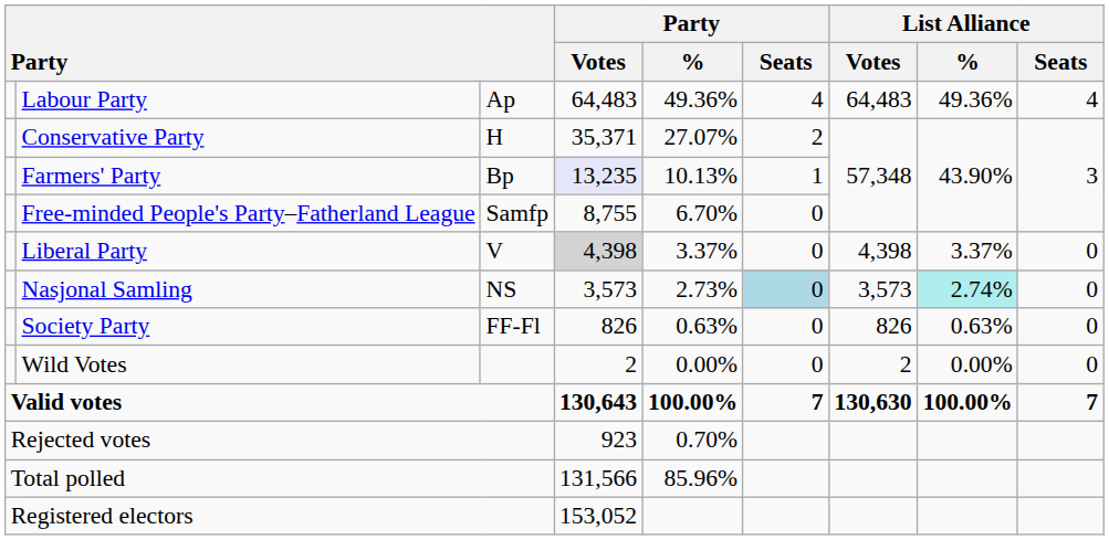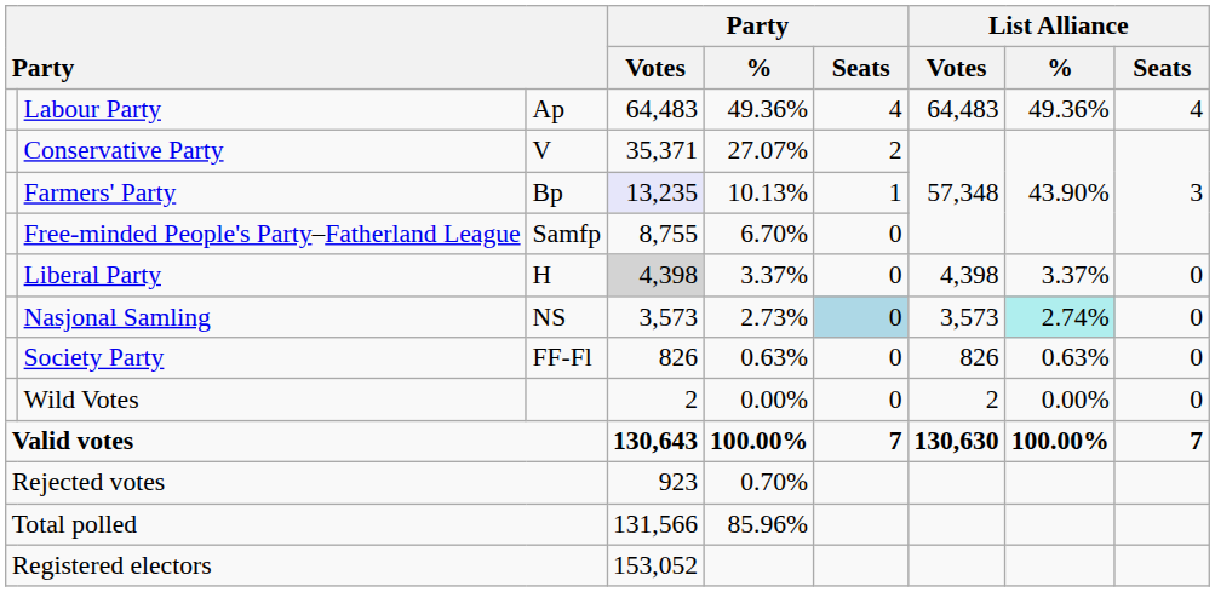 <table class="wikitable" border="1" style="text-align:right;">
 <tr>
 <th style="text-align:left;" valign=bottom rowspan=2 colspan=3>Party</th>
 <th colspan=3>Party</th>
 <th colspan=3>List Alliance</th>
 </tr>
 <tr>
 <th align=center valign=bottom width="50">Votes</th>
 <th align=center valign=bottom width="50">%</th>
 <th align=center valign=bottom width="50">Seats</th>
 <th align=center valign=bottom width="50">Votes</th>
 <th align=center valign=bottom width="50">%</th>
 <th align=center valign=bottom width="50">Seats</th>
 </tr>
 <tr>
 <td style="color:inherit;background:"></td>
 <td align=left><a href='#'>Labour Party</a></td>
 <td align=left>Ap</td>
 <td>64,483</td>
 <td>49.36%</td>
 <td>4</td>
 <td>64,483</td>
 <td>49.36%</td>
 <td>4</td>
 </tr>
 <tr>
 <td style="color:inherit;background:"></td>
 <td align=left><a href='#'>Conservative Party</a></td>
-<td align=left>H</td>
+<td align=left>V</td>
 <td>35,371</td>
 <td>27.07%</td>
 <td>2</td>
 <td rowspan=3>57,348</td>
 <td rowspan=3>43.90%</td>
 <td rowspan=3>3</td>
 </tr>
 <tr>
 <td style="color:inherit;background:"></td>
 <td align=left><a href='#'>Farmers' Party</a></td>
 <td align=left>Bp</td>
 <td style="background: lavender;">13,235</td>
 <td>10.13%</td>
 <td>1</td>
 </tr>
 <tr>
 <td></td>
 <td align=left><a href='#'>Free-minded People's Party</a>–<a href='#'>Fatherland League</a></td>
 <td align=left>Samfp</td>
 <td>8,755</td>
 <td>6.70%</td>
 <td>0</td>
 </tr>
 <tr>
 <td style="color:inherit;background:"></td>
 <td align=left><a href='#'>Liberal Party</a></td>
-<td align=left>V</td>
+<td align=left>H</td>
 <td style="background: lightgrey;">4,398</td>
 <td>3.37%</td>
 <td>0</td>
 <td>4,398</td>
 <td>3.37%</td>
 <td>0</td>
 </tr>
 <tr>
 <td style="color:inherit;background:"></td>
 <td align=left><a href='#'>Nasjonal Samling</a></td>
 <td align=left>NS</td>
 <td>3,573</td>
 <td>2.73%</td>
 <td style="background: lightblue;">0</td>
 <td>3,573</td>
 <td style="background: paleturquoise;">2.74%</td>
 <td>0</td>
 </tr>
 <tr>
 <td></td>
 <td align=left><a href='#'>Society Party</a></td>
 <td align=left>FF-Fl</td>
 <td>826</td>
 <td>0.63%</td>
 <td>0</td>
 <td>826</td>
 <td>0.63%</td>
 <td>0</td>
 </tr>
 <tr>
 <td></td>
 <td align=left>Wild Votes</td>
 <td align=left></td>
 <td>2</td>
 <td>0.00%</td>
 <td>0</td>
 <td>2</td>
 <td>0.00%</td>
 <td>0</td>
 </tr>
 <tr style="font-weight:bold">
 <td align=left colspan=3>Valid votes</td>
 <td>130,643</td>
 <td>100.00%</td>
 <td>7</td>
 <td>130,630</td>
 <td>100.00%</td>
 <td>7</td>
 </tr>
 <tr>
 <td align=left colspan=3>Rejected votes</td>
 <td>923</td>
 <td>0.70%</td>
 <td></td>
 <td></td>
 <td></td>
 <td></td>
 </tr>
 <tr>
 <td align=left colspan=3>Total polled</td>
 <td>131,566</td>
 <td>85.96%</td>
 <td></td>
 <td></td>
 <td></td>
 <td></td>
 </tr>
 <tr>
 <td align=left colspan=3>Registered electors</td>
 <td>153,052</td>
 <td></td>
 <td></td>
 <td></td>
 <td></td>
 <td></td>
 </tr>
 </table>
